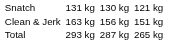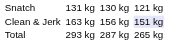 <table>
 <tr>
 <td>Snatch</td>
 <td></td>
 <td>131 kg</td>
 <td></td>
 <td>130 kg</td>
 <td></td>
 <td>121 kg</td>
 </tr>
 <tr>
 <td>Clean & Jerk</td>
 <td></td>
 <td>163 kg</td>
 <td></td>
 <td>156 kg</td>
 <td></td>
-<td>151 kg</td>
+<td style="background: lavender;">151 kg</td>
 </tr>
 <tr>
 <td>Total</td>
 <td></td>
 <td>293 kg</td>
 <td></td>
 <td>287 kg</td>
 <td></td>
 <td>265 kg</td>
 </tr>
 </table>
